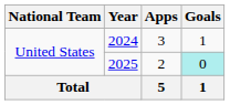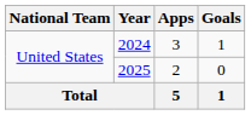 <table class="wikitable" style="text-align:center">
 <tr>
 <th>National Team</th>
 <th>Year</th>
 <th>Apps</th>
 <th>Goals</th>
 </tr>
 <tr>
 <td rowspan=2><a href='#'>United States</a></td>
 <td><a href='#'>2024</a></td>
 <td>3</td>
 <td>1</td>
 </tr>
 <tr>
 <td><a href='#'>2025</a></td>
 <td>2</td>
-<td style="background: paleturquoise;">0</td>
+<td>0</td>
 </tr>
 <tr>
 <th colspan=2>Total</th>
 <th>5</th>
 <th>1</th>
 </tr>
 </table>
